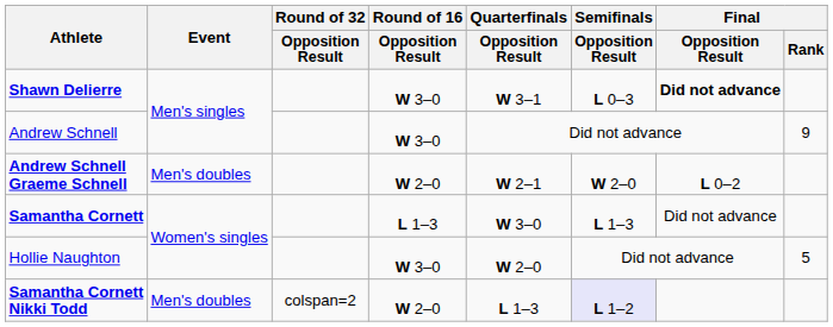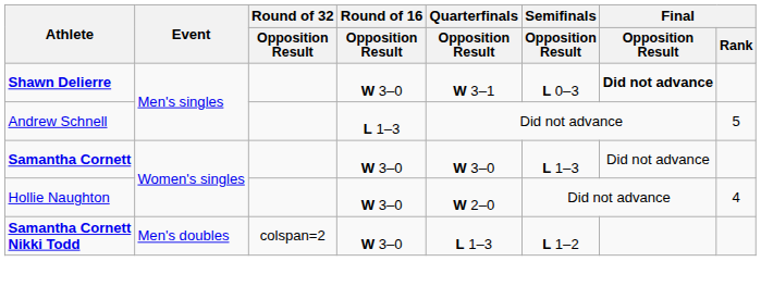 <table class="wikitable" style="font-size:90%">
 <tr>
 <th rowspan=2>Athlete</th>
 <th rowspan=2>Event</th>
 <th>Round of 32</th>
 <th>Round of 16</th>
 <th>Quarterfinals</th>
 <th>Semifinals</th>
 <th colspan=2>Final</th>
 </tr>
 <tr style="font-size:95%">
 <th>Opposition<br>Result</th>
 <th>Opposition<br>Result</th>
 <th>Opposition<br>Result</th>
 <th>Opposition<br>Result</th>
 <th>Opposition<br>Result</th>
 <th>Rank</th>
 </tr>
 <tr align=center>
 <td align=left><strong><a href='#'>Shawn Delierre</a></strong></td>
 <td align=left rowspan=2><a href='#'>Men's singles</a></td>
 <td></td>
 <td><br><strong>W</strong> 3–0</td>
 <td><br><strong>W</strong> 3–1</td>
 <td><br><strong>L</strong> 0–3</td>
 <td><strong>Did not advance</strong></td>
 <td></td>
 </tr>
 <tr align=center>
 <td align=left><a href='#'>Andrew Schnell</a></td>
 <td></td>
-<td><br><strong>W</strong> 3–0</td>
+<td><br><strong>L</strong> 1–3</td>
 <td colspan=3>Did not advance</td>
-<td>9</td>
-</tr>
-<tr align=center>
-<td align=left><strong><a href='#'>Andrew Schnell</a><br><a href='#'>Graeme Schnell</a></strong></td>
-<td align=left><a href='#'>Men's doubles</a></td>
-<td></td>
-<td><br><strong>W</strong> 2–0</td>
-<td><br><strong>W</strong> 2–1</td>
-<td><br><strong>W</strong> 2–0</td>
-<td><br><strong>L</strong> 0–2</td>
-<td></td>
+<td>5</td>
 </tr>
 <tr align=center>
 <td align=left><strong><a href='#'>Samantha Cornett</a></strong></td>
 <td align=left rowspan=2><a href='#'>Women's singles</a></td>
 <td></td>
-<td><br><strong>L</strong> 1–3</td>
+<td><br><strong>W</strong> 3–0</td>
 <td><br><strong>W</strong> 3–0</td>
 <td><br><strong>L</strong> 1–3</td>
 <td>Did not advance</td>
 <td></td>
 </tr>
 <tr align=center>
 <td align=left><a href='#'>Hollie Naughton</a></td>
 <td></td>
 <td><br><strong>W</strong> 3–0</td>
 <td><br><strong>W</strong> 2–0</td>
 <td colspan=2>Did not advance</td>
-<td>5</td>
+<td>4</td>
 </tr>
 <tr align=center>
 <td align=left><strong><a href='#'>Samantha Cornett</a><br><a href='#'>Nikki Todd</a></strong></td>
 <td align=left><a href='#'>Men's doubles</a></td>
 <td>colspan=2 </td>
-<td><br><strong>W</strong> 2–0</td>
+<td><br><strong>W</strong> 3–0</td>
 <td><br><strong>L</strong> 1–3</td>
-<td style="background: lavender;"><br><strong>L</strong> 1–2</td>
+<td><br><strong>L</strong> 1–2</td>
 <td></td>
 </tr>
 </table>
